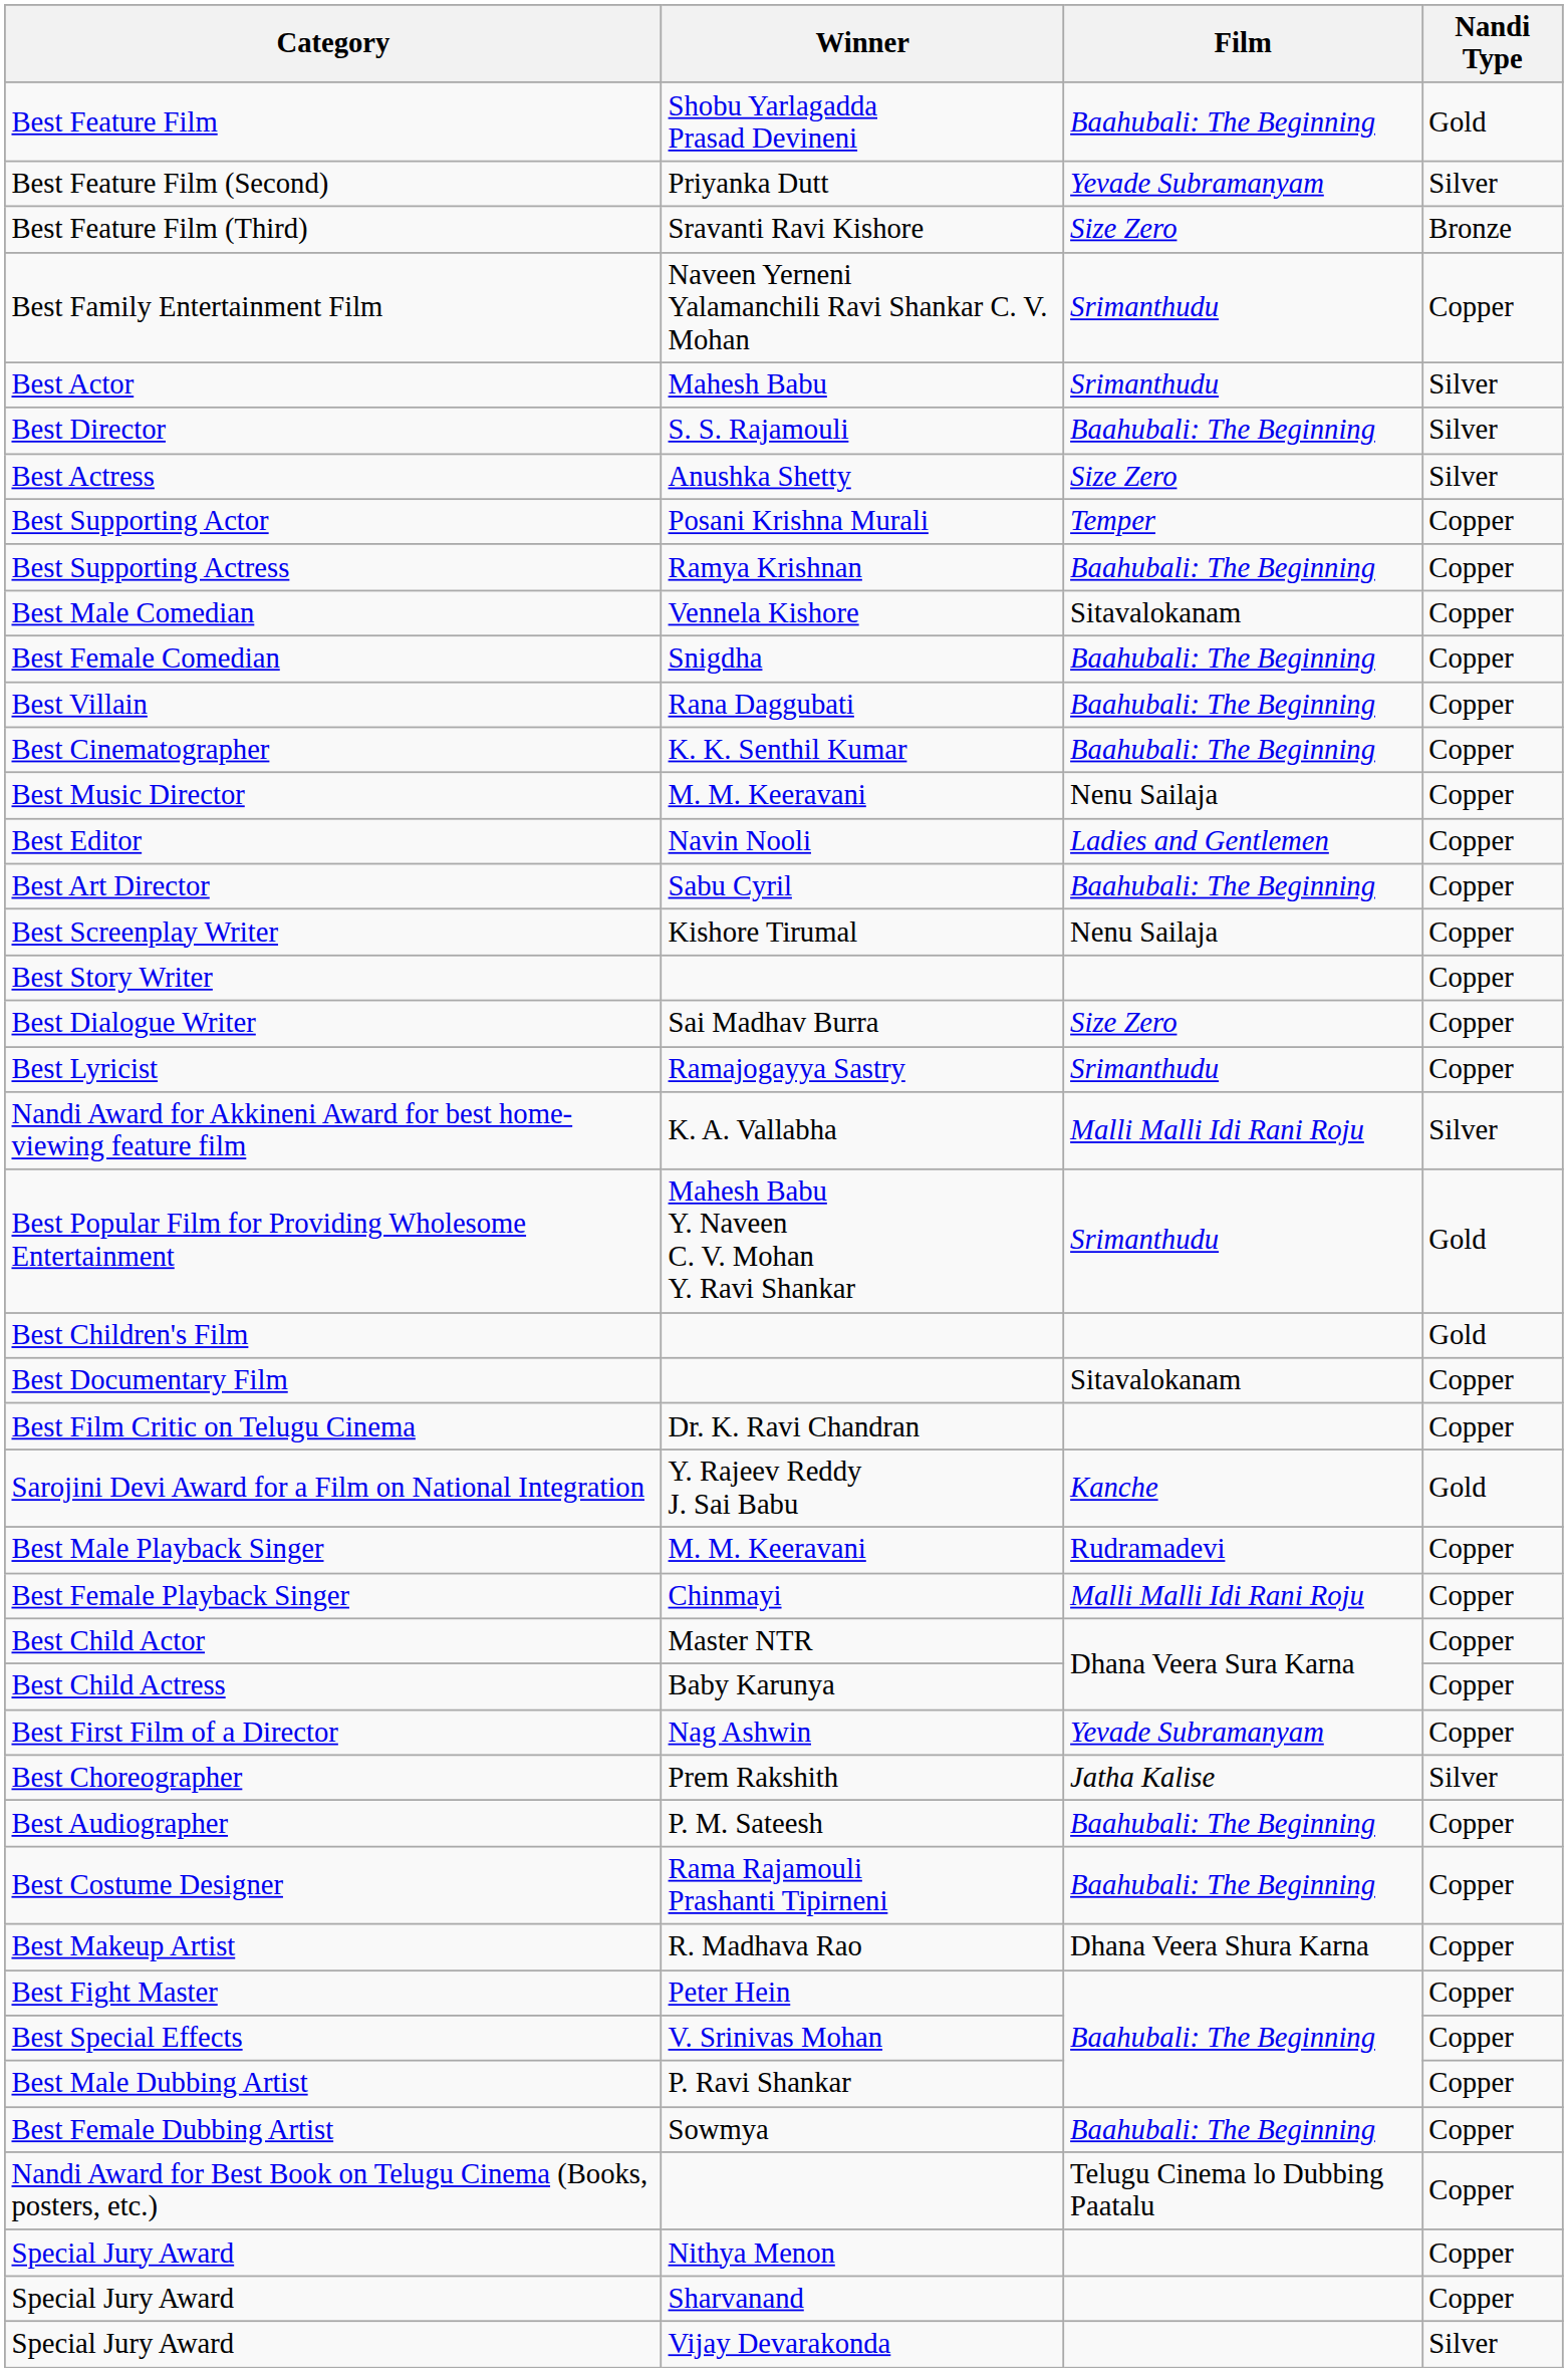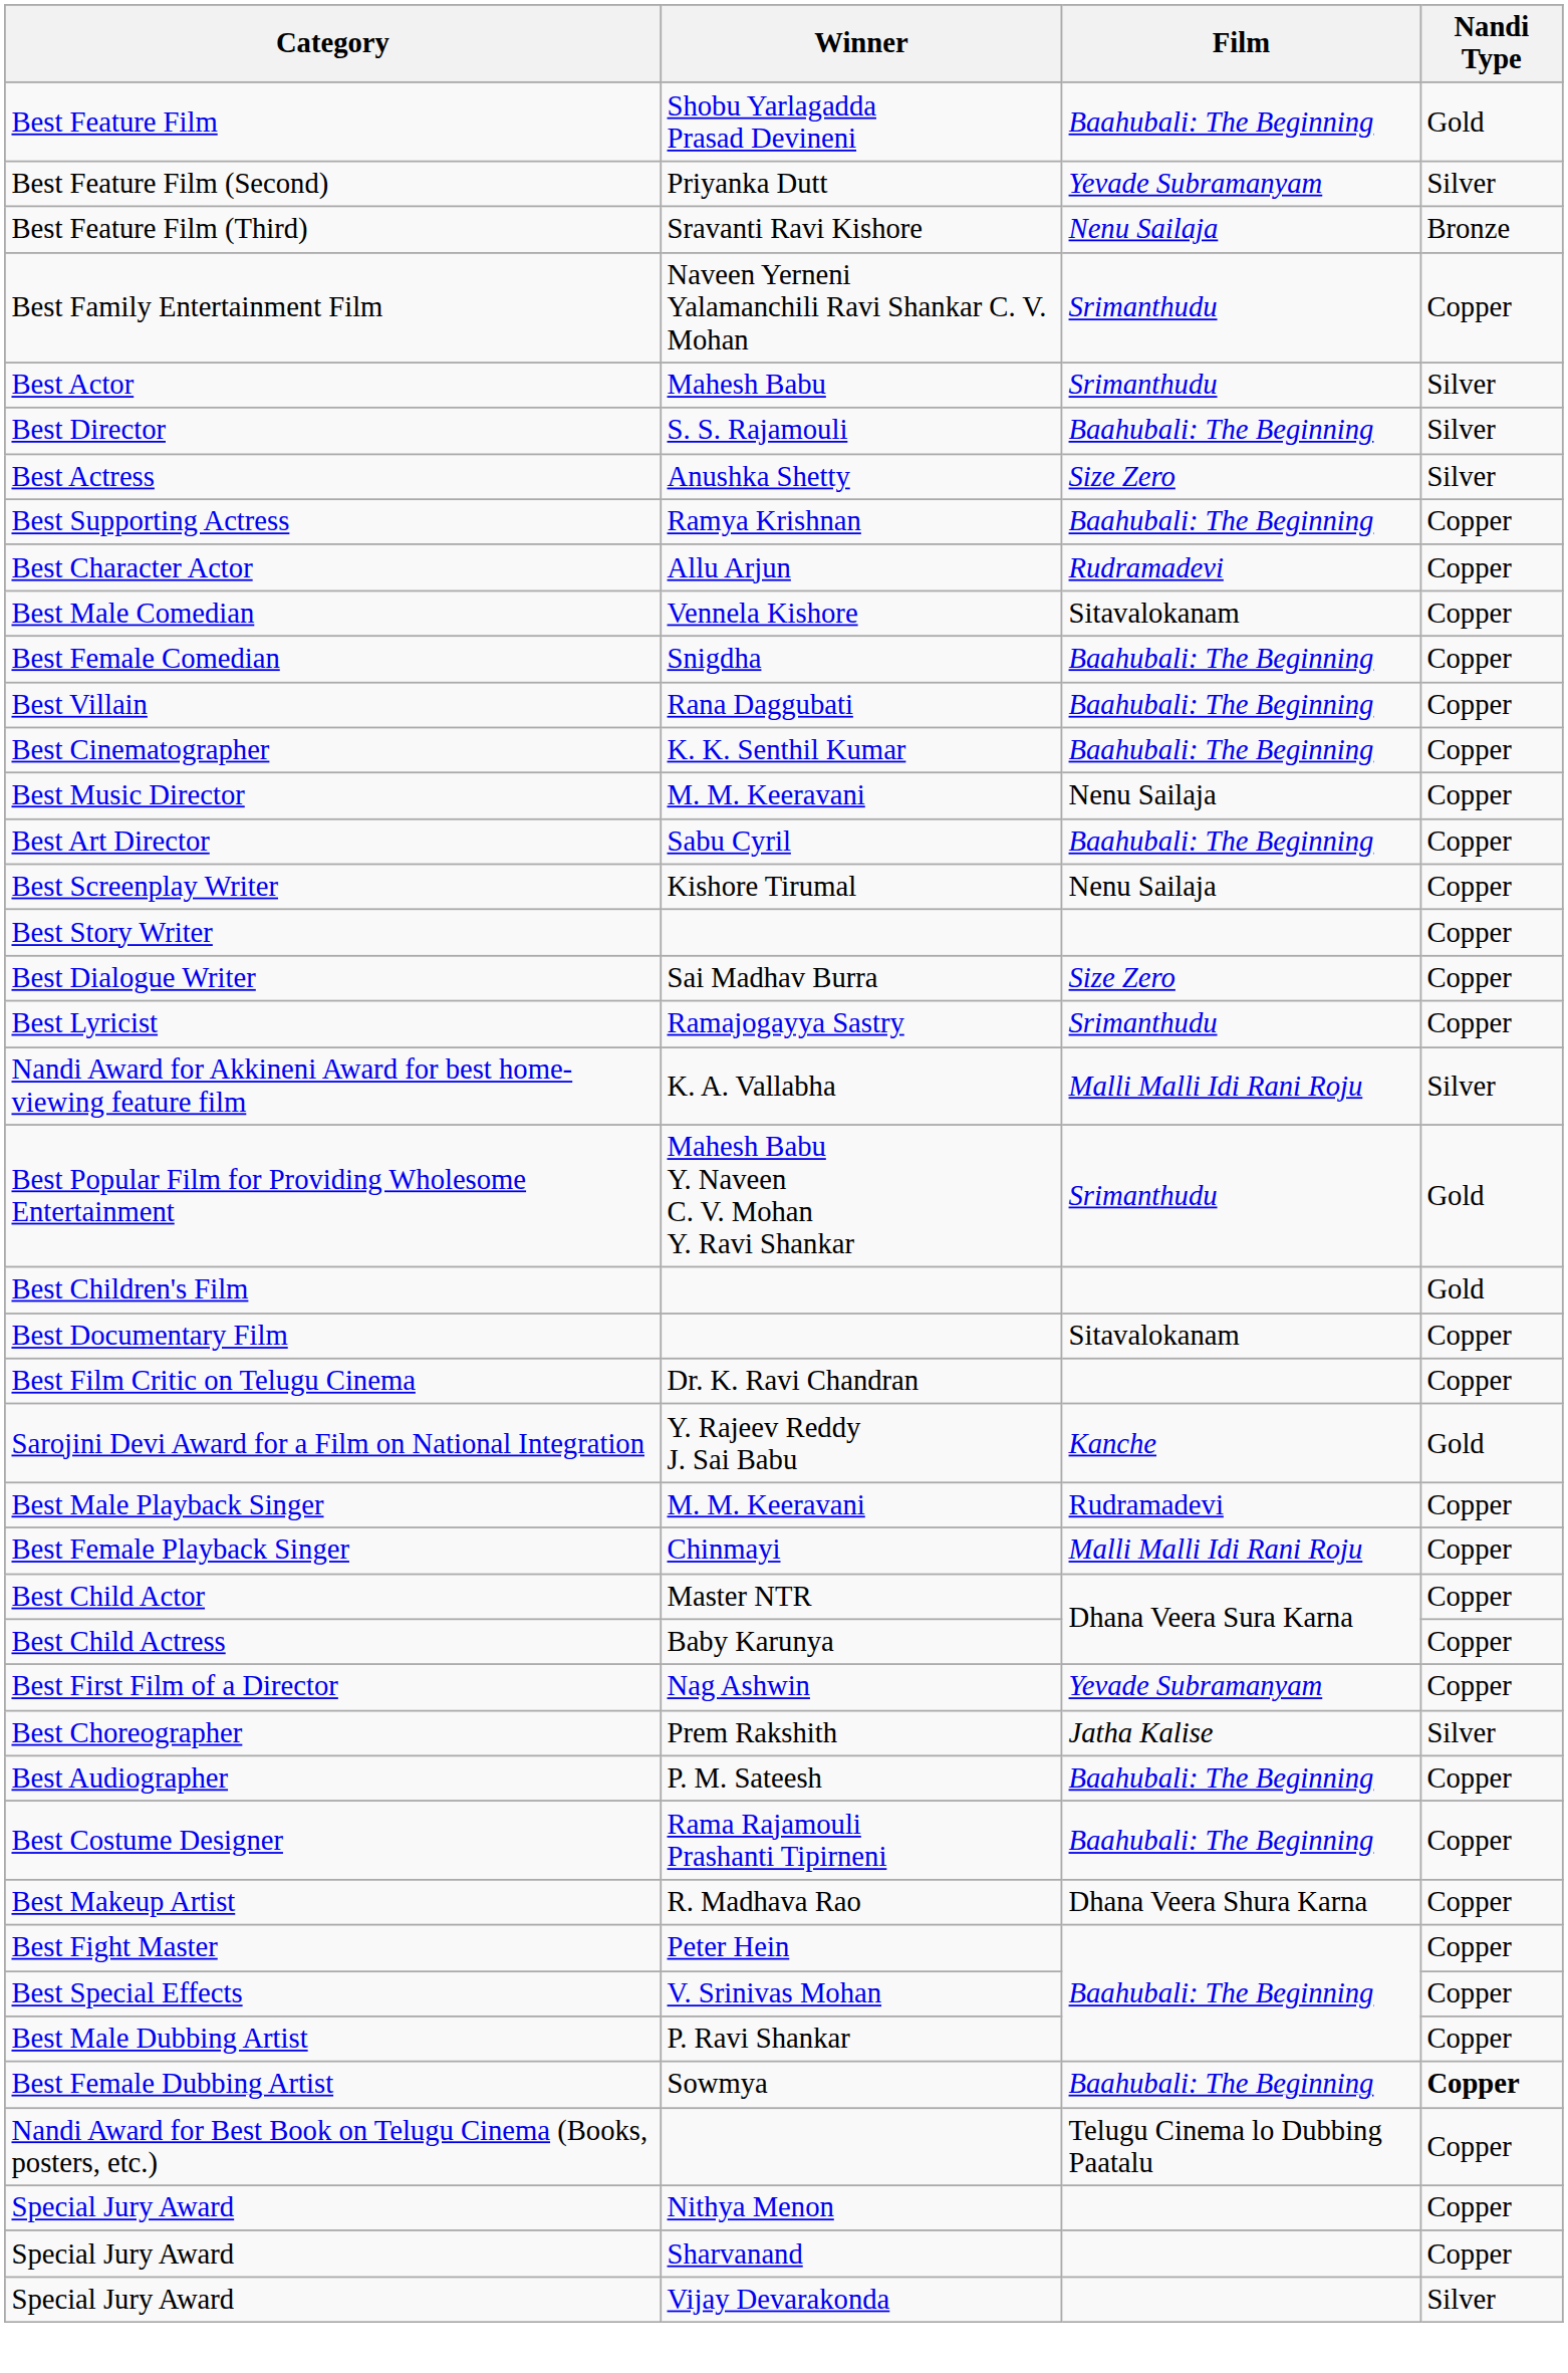 <table class="wikitable sortable">
 <tr style="background:#cccccf; text-align:center;">
 <th>Category</th>
 <th>Winner</th>
 <th>Film</th>
 <th>Nandi Type</th>
 </tr>
 <tr>
 <td><a href='#'>Best Feature Film</a></td>
 <td><a href='#'>Shobu Yarlagadda</a> <br> <a href='#'>Prasad Devineni</a></td>
 <td><em><a href='#'>Baahubali: The Beginning</a></em></td>
 <td>Gold</td>
 </tr>
 <tr>
 <td>Best Feature Film (Second)</td>
 <td>Priyanka Dutt</td>
 <td><em><a href='#'>Yevade Subramanyam</a></em></td>
 <td>Silver</td>
 </tr>
 <tr>
 <td>Best Feature Film (Third)</td>
 <td>Sravanti Ravi Kishore</td>
-<td><em><a href='#'>Size Zero</a></em></td>
+<td><em><a href='#'>Nenu Sailaja</a></em></td>
 <td>Bronze</td>
 </tr>
 <tr>
 <td>Best Family Entertainment Film</td>
 <td>Naveen Yerneni<br>Yalamanchili Ravi Shankar C. V. Mohan</td>
 <td><em><a href='#'>Srimanthudu</a></em></td>
 <td>Copper</td>
 </tr>
 <tr>
 <td><a href='#'>Best Actor</a></td>
 <td><a href='#'>Mahesh Babu</a></td>
 <td><em><a href='#'>Srimanthudu</a></em></td>
 <td>Silver</td>
 </tr>
 <tr>
 <td><a href='#'>Best Director</a></td>
 <td><a href='#'>S. S. Rajamouli</a></td>
 <td><em><a href='#'>Baahubali: The Beginning</a></em></td>
 <td>Silver</td>
 </tr>
 <tr>
 <td><a href='#'>Best Actress</a></td>
 <td><a href='#'>Anushka Shetty</a></td>
 <td><em><a href='#'>Size Zero</a></em></td>
 <td>Silver</td>
 </tr>
 <tr>
-<td><a href='#'>Best Supporting Actor</a></td>
-<td><a href='#'>Posani Krishna Murali</a></td>
-<td><em><a href='#'>Temper</a></em></td>
+<td><a href='#'>Best Supporting Actress</a></td>
+<td><a href='#'>Ramya Krishnan</a></td>
+<td><em><a href='#'>Baahubali: The Beginning</a></em></td>
 <td>Copper</td>
 </tr>
 <tr>
-<td><a href='#'>Best Supporting Actress</a></td>
-<td><a href='#'>Ramya Krishnan</a></td>
-<td><em><a href='#'>Baahubali: The Beginning</a></em></td>
+<td><a href='#'>Best Character Actor</a></td>
+<td><a href='#'>Allu Arjun</a></td>
+<td><em><a href='#'>Rudramadevi</a></em></td>
 <td>Copper</td>
 </tr>
 <tr>
 <td><a href='#'>Best Male Comedian</a></td>
 <td><a href='#'>Vennela Kishore</a></td>
 <td>Sitavalokanam</td>
 <td>Copper</td>
 </tr>
 <tr>
 <td><a href='#'>Best Female Comedian</a></td>
 <td><a href='#'>Snigdha</a></td>
 <td><em><a href='#'>Baahubali: The Beginning</a></em></td>
 <td>Copper</td>
 </tr>
 <tr>
 <td><a href='#'>Best Villain</a></td>
 <td><a href='#'>Rana Daggubati</a></td>
 <td><em><a href='#'>Baahubali: The Beginning</a></em></td>
 <td>Copper</td>
 </tr>
 <tr>
 <td><a href='#'>Best Cinematographer</a></td>
 <td><a href='#'>K. K. Senthil Kumar</a></td>
 <td><em><a href='#'>Baahubali: The Beginning</a></em></td>
 <td>Copper</td>
 </tr>
 <tr>
 <td><a href='#'>Best Music Director</a></td>
 <td><a href='#'>M. M. Keeravani</a></td>
 <td>Nenu Sailaja</td>
-<td>Copper</td>
-</tr>
-<tr>
-<td><a href='#'>Best Editor</a></td>
-<td><a href='#'>Navin Nooli</a></td>
-<td><em><a href='#'>Ladies and Gentlemen</a></em></td>
 <td>Copper</td>
 </tr>
 <tr>
 <td><a href='#'>Best Art Director</a></td>
 <td><a href='#'>Sabu Cyril</a></td>
 <td><em><a href='#'>Baahubali: The Beginning</a></em></td>
 <td>Copper</td>
 </tr>
 <tr>
 <td><a href='#'>Best Screenplay Writer</a></td>
 <td>Kishore Tirumal</td>
 <td>Nenu Sailaja</td>
 <td>Copper</td>
 </tr>
 <tr>
 <td><a href='#'>Best Story Writer</a></td>
 <td></td>
 <td></td>
 <td>Copper</td>
 </tr>
 <tr>
 <td><a href='#'>Best Dialogue Writer</a></td>
 <td>Sai Madhav Burra</td>
 <td><em><a href='#'>Size Zero</a></em></td>
 <td>Copper</td>
 </tr>
 <tr>
 <td><a href='#'>Best Lyricist</a></td>
 <td><a href='#'>Ramajogayya Sastry</a></td>
 <td><em><a href='#'>Srimanthudu</a></em></td>
 <td>Copper</td>
 </tr>
 <tr>
 <td><a href='#'>Nandi Award for Akkineni Award for best home-viewing feature film</a></td>
 <td>K. A. Vallabha</td>
 <td><em><a href='#'>Malli Malli Idi Rani Roju</a></em></td>
 <td>Silver</td>
 </tr>
 <tr>
 <td><a href='#'>Best Popular Film for Providing Wholesome Entertainment</a></td>
 <td><a href='#'>Mahesh Babu</a> <br> Y. Naveen <br> C. V. Mohan <br> Y. Ravi Shankar</td>
 <td><em><a href='#'>Srimanthudu</a></em></td>
 <td>Gold</td>
 </tr>
 <tr>
 <td><a href='#'>Best Children's Film</a></td>
 <td></td>
 <td></td>
 <td>Gold</td>
 </tr>
 <tr>
 <td><a href='#'>Best Documentary Film</a></td>
 <td></td>
 <td>Sitavalokanam</td>
 <td>Copper</td>
 </tr>
 <tr>
 <td><a href='#'>Best Film Critic on Telugu Cinema</a></td>
 <td>Dr. K. Ravi Chandran</td>
 <td></td>
 <td>Copper</td>
 </tr>
 <tr>
 <td><a href='#'>Sarojini Devi Award for a Film on National Integration</a></td>
 <td>Y. Rajeev Reddy <br> J. Sai Babu</td>
 <td><em><a href='#'>Kanche</a></em></td>
 <td>Gold</td>
 </tr>
 <tr>
 <td><a href='#'>Best Male Playback Singer</a></td>
 <td><a href='#'>M. M. Keeravani</a></td>
 <td><a href='#'>Rudramadevi</a></td>
 <td>Copper</td>
 </tr>
 <tr>
 <td><a href='#'>Best Female Playback Singer</a></td>
 <td><a href='#'>Chinmayi</a></td>
 <td><em><a href='#'>Malli Malli Idi Rani Roju</a></em></td>
 <td>Copper</td>
 </tr>
 <tr>
 <td><a href='#'>Best Child Actor</a></td>
 <td>Master NTR</td>
 <td rowspan="2">Dhana Veera Sura Karna</td>
 <td>Copper</td>
 </tr>
 <tr>
 <td><a href='#'>Best Child Actress</a></td>
 <td>Baby Karunya</td>
 <td>Copper</td>
 </tr>
 <tr>
 <td><a href='#'>Best First Film of a Director</a></td>
 <td><a href='#'>Nag Ashwin</a></td>
 <td><em><a href='#'>Yevade Subramanyam</a></em></td>
 <td>Copper</td>
 </tr>
 <tr>
 <td><a href='#'>Best Choreographer</a></td>
 <td>Prem Rakshith</td>
 <td><em>Jatha Kalise</em></td>
 <td>Silver</td>
 </tr>
 <tr>
 <td><a href='#'>Best Audiographer</a></td>
 <td>P. M. Sateesh</td>
 <td><em><a href='#'>Baahubali: The Beginning</a></em></td>
 <td>Copper</td>
 </tr>
 <tr>
 <td><a href='#'>Best Costume Designer</a></td>
 <td><a href='#'>Rama Rajamouli</a><br><a href='#'>Prashanti Tipirneni</a></td>
 <td><em><a href='#'>Baahubali: The Beginning</a></em></td>
 <td>Copper</td>
 </tr>
 <tr>
 <td><a href='#'>Best Makeup Artist</a></td>
 <td>R. Madhava Rao</td>
 <td>Dhana Veera Shura Karna</td>
 <td>Copper</td>
 </tr>
 <tr>
 <td><a href='#'>Best Fight Master</a></td>
 <td><a href='#'>Peter Hein</a></td>
 <td rowspan="3"><em><a href='#'>Baahubali: The Beginning</a></em></td>
 <td>Copper</td>
 </tr>
 <tr>
 <td><a href='#'>Best Special Effects</a></td>
 <td><a href='#'>V. Srinivas Mohan</a></td>
 <td>Copper</td>
 </tr>
 <tr>
 <td><a href='#'>Best Male Dubbing Artist</a></td>
 <td>P. Ravi Shankar</td>
 <td>Copper</td>
 </tr>
 <tr>
 <td><a href='#'>Best Female Dubbing Artist</a></td>
 <td>Sowmya</td>
 <td><em><a href='#'>Baahubali: The Beginning</a></em></td>
-<td>Copper</td>
+<td><strong>Copper</strong></td>
 </tr>
 <tr>
 <td><a href='#'>Nandi Award for Best Book on Telugu Cinema</a> (Books, posters, etc.)</td>
 <td></td>
 <td>Telugu Cinema lo Dubbing Paatalu</td>
 <td>Copper</td>
 </tr>
 <tr>
 <td><a href='#'>Special Jury Award</a></td>
 <td><a href='#'>Nithya Menon</a></td>
 <td></td>
 <td>Copper</td>
 </tr>
 <tr>
 <td>Special Jury Award</td>
 <td><a href='#'>Sharvanand</a></td>
 <td></td>
 <td>Copper</td>
 </tr>
 <tr>
 <td>Special Jury Award</td>
 <td><a href='#'>Vijay Devarakonda</a></td>
 <td></td>
 <td>Silver</td>
 </tr>
 </table>
